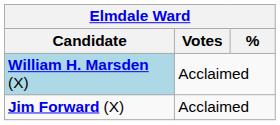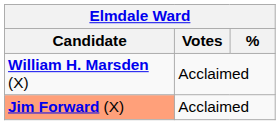 <table class="wikitable">
 <tr>
 <th colspan="3"><a href='#'>Elmdale Ward</a></th>
 </tr>
 <tr>
 <th style="width: 170px">Candidate</th>
 <th style="width: 50px">Votes</th>
 <th style="width: 40px">%</th>
 </tr>
 <tr>
-<td style="background: lightblue;"><strong><a href='#'>William H. Marsden</a></strong> (X)</td>
+<td><strong><a href='#'>William H. Marsden</a></strong> (X)</td>
 <td colspan="2">Acclaimed</td>
 </tr>
 <tr>
-<td><strong><a href='#'>Jim Forward</a></strong> (X)</td>
+<td style="background: lightsalmon;"><strong><a href='#'>Jim Forward</a></strong> (X)</td>
 <td colspan="2">Acclaimed</td>
 </tr>
 </table>
